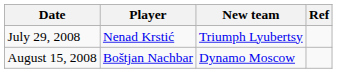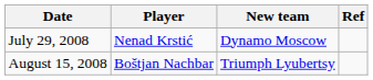 <table class="wikitable" style="text-align:left;">
 <tr>
 <th>Date</th>
 <th>Player</th>
 <th>New team</th>
 <th>Ref</th>
 </tr>
 <tr>
 <td>July 29, 2008</td>
 <td><a href='#'>Nenad Krstić</a></td>
-<td><a href='#'>Triumph Lyubertsy</a></td>
+<td><a href='#'>Dynamo Moscow</a></td>
 <td></td>
 </tr>
 <tr>
 <td>August 15, 2008</td>
 <td><a href='#'>Boštjan Nachbar</a></td>
-<td><a href='#'>Dynamo Moscow</a></td>
+<td><a href='#'>Triumph Lyubertsy</a></td>
 <td></td>
 </tr>
 </table>
